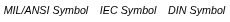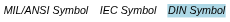 <table align=center style="text-align:center">
 <tr>
 <td></td>
 <td></td>
 <td></td>
 </tr>
 <tr>
 <td><em>MIL/ANSI Symbol</em>   </td>
 <td><em>IEC Symbol</em>   </td>
-<td><em>DIN Symbol</em></td>
+<td style="background: lightblue;"><em>DIN Symbol</em></td>
 </tr>
 </table>
